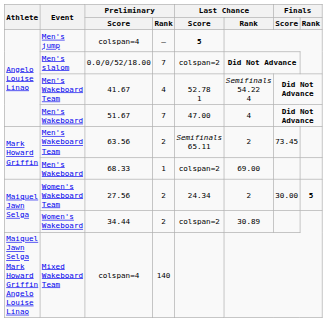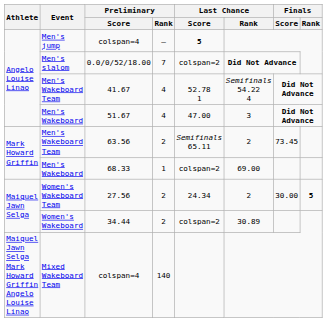 <table class="wikitable" width="65%" style="text-align:center; font-size:90%">
 <tr>
 <th rowspan=2 width="25%">Athlete</th>
 <th rowspan=2 width="15%">Event</th>
 <th colspan=2 width="12%">Preliminary</th>
 <th colspan=2 width="12%">Last Chance</th>
 <th colspan=2 width="9%">Finals</th>
 </tr>
 <tr>
 <th>Score</th>
 <th>Rank</th>
 <th>Score</th>
 <th>Rank</th>
 <th>Score</th>
 <th>Rank</th>
 </tr>
 <tr>
 <td align=left rowspan=4><a href='#'>Angelo Louise Linao</a></td>
 <td align=left><a href='#'>Men's jump</a></td>
 <td>colspan=4 </td>
 <td>–</td>
 <td><strong>5</strong></td>
 </tr>
 <tr>
 <td align=left><a href='#'>Men's slalom</a></td>
 <td>0.0/0/52/18.00</td>
 <td>7</td>
 <td>colspan=2 </td>
 <td colspan=2><strong>Did Not Advance</strong></td>
 </tr>
 <tr>
 <td align=left><a href='#'>Men's Wakeboard Team</a></td>
 <td>41.67</td>
 <td>4</td>
 <td><em></em> <br> 52.78 <br>1 <strong></strong></td>
 <td><em>Semifinals</em> <br> 54.22 <br> 4</td>
 <td colspan=2><strong>Did Not Advance</strong></td>
 </tr>
 <tr>
 <td align=left><a href='#'>Men's Wakeboard</a></td>
 <td>51.67</td>
-<td>7</td>
+<td>4</td>
 <td>47.00</td>
-<td>4</td>
+<td>3</td>
 <td colspan=2><strong>Did Not Advance</strong></td>
 </tr>
 <tr>
 <td align=left rowspan=2><a href='#'>Mark Howard Griffin</a></td>
 <td align=left><a href='#'>Men's Wakeboard Team</a></td>
 <td>63.56</td>
 <td>2 <strong></strong></td>
 <td><em>Semifinals</em> <br> 65.11</td>
 <td>2 <strong></strong></td>
 <td>73.45</td>
 <td></td>
 </tr>
 <tr>
 <td align=left><a href='#'>Men's Wakeboard</a></td>
 <td>68.33</td>
 <td>1 <strong></strong></td>
 <td>colspan=2 </td>
 <td>69.00</td>
 <td></td>
 </tr>
 <tr>
 <td align=left rowspan=2><a href='#'>Maiquel Jawn Selga</a></td>
 <td align=left><a href='#'>Women's Wakeboard Team</a></td>
 <td>27.56</td>
 <td>2</td>
 <td>24.34</td>
 <td>2 <strong></strong></td>
 <td>30.00</td>
 <td><strong>5</strong></td>
 </tr>
 <tr>
 <td align=left><a href='#'>Women's Wakeboard</a></td>
 <td>34.44</td>
 <td>2 <strong></strong></td>
 <td>colspan=2 </td>
 <td>30.89</td>
 <td></td>
 </tr>
 <tr>
 <td align=left><a href='#'>Maiquel Jawn Selga</a><br><a href='#'>Mark Howard Griffin</a><br><a href='#'>Angelo Louise Linao</a></td>
 <td align=left><a href='#'>Mixed Wakeboard Team</a></td>
 <td>colspan=4 </td>
 <td>140</td>
 <td></td>
 </tr>
 </table>
